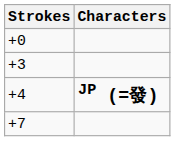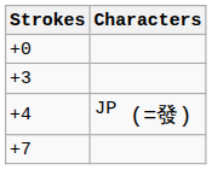 <table class="wikitable">
 <tr>
 <th>Strokes</th>
 <th>Characters</th>
 </tr>
 <tr --->
 <td>+0</td>
 <td style="font-size: large;"></td>
 </tr>
 <tr --->
 <td>+3</td>
 <td style="font-size: large;"></td>
 </tr>
 <tr --->
 <td>+4</td>
-<td style="font-size: large;"><strong>  <sup>JP</sup> (=發)</strong></td>
+<td style="font-size: large;">  <sup>JP</sup> (=發)</td>
 </tr>
 <tr --->
 <td>+7</td>
 <td style="font-size: large;"> </td>
 </tr>
 </table>
